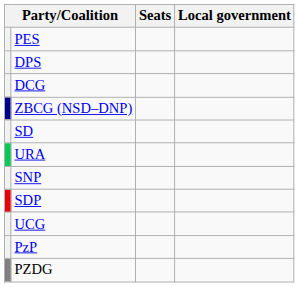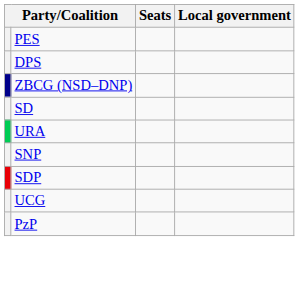 <table class="wikitable" style="text-align:left;">
 <tr>
 <th colspan=2>Party/Coalition</th>
 <th>Seats</th>
 <th>Local government</th>
 </tr>
 <tr>
 <th style="background:"></th>
 <td><a href='#'>PES</a></td>
 <td></td>
 <td></td>
 </tr>
 <tr>
 <th style="background-color: "></th>
 <td><a href='#'>DPS</a></td>
-<td></td>
-<td></td>
-</tr>
-<tr>
-<th style="background-color: "></th>
-<td><a href='#'>DCG</a></td>
 <td></td>
 <td></td>
 </tr>
 <tr>
 <th style="background-color: darkblue"></th>
 <td><a href='#'>ZBCG (NSD–DNP)</a></td>
 <td></td>
 <td></td>
 </tr>
 <tr>
 <th style="background:"></th>
 <td><a href='#'>SD</a></td>
 <td></td>
 <td></td>
 </tr>
 <tr>
 <th style="background-color: #00cc55"></th>
 <td><a href='#'>URA</a></td>
 <td></td>
 <td></td>
 </tr>
 <tr>
 <th style="background-color: "></th>
 <td><a href='#'>SNP</a></td>
 <td></td>
 <td></td>
 </tr>
 <tr>
 <th style="background-color: #E90007"></th>
 <td><a href='#'>SDP</a></td>
 <td></td>
 <td></td>
 </tr>
 <tr>
 <th style="background:"></th>
 <td><a href='#'>UCG</a></td>
 <td></td>
 <td></td>
 </tr>
 <tr>
 <th style="background-color:"></th>
 <td><a href='#'>PzP</a></td>
 <td></td>
 <td></td>
 </tr>
-<tr>
-<th style="background-color: gray "></th>
-<td>PZDG</td>
-<td></td>
-<td></td>
-</tr>
 </table>
